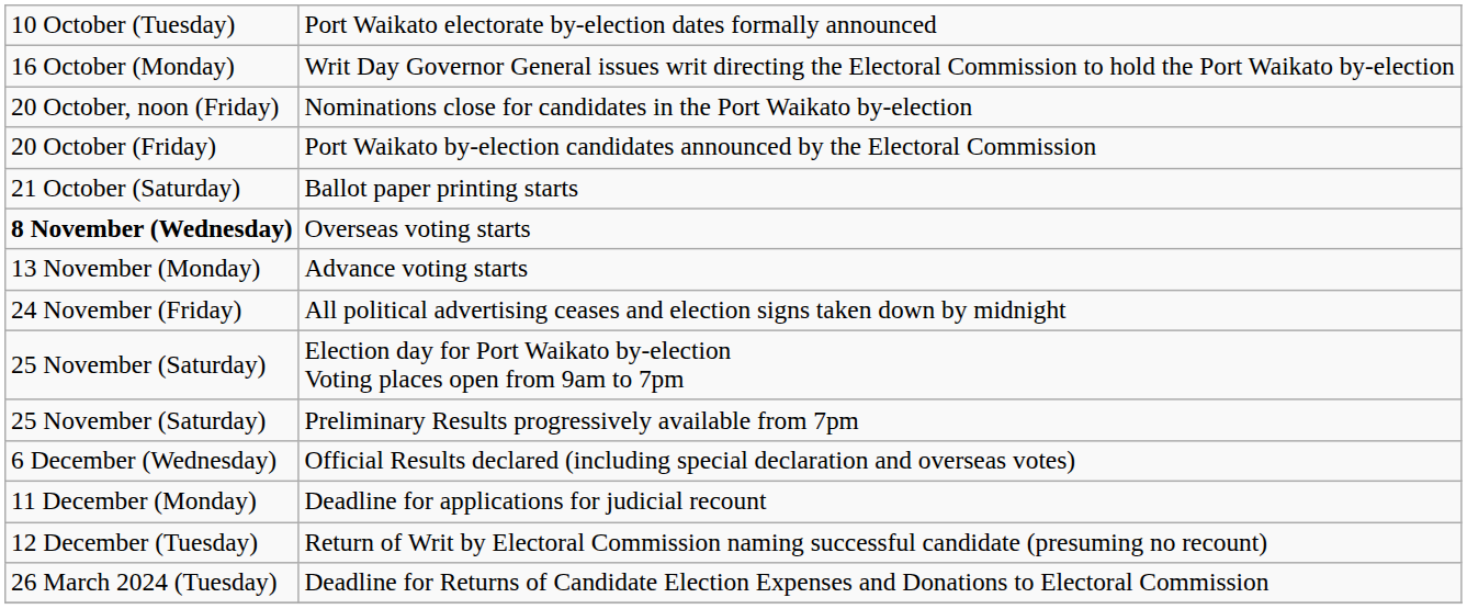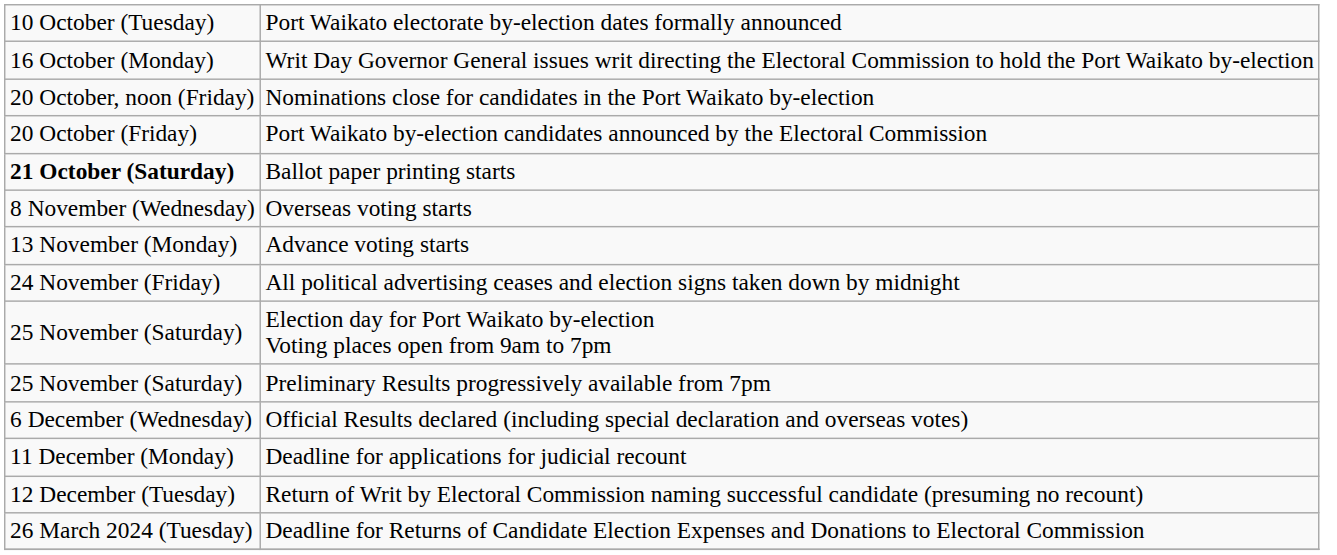 <table class="wikitable">
 <tr>
 <td>10 October (Tuesday)</td>
 <td>Port Waikato electorate by-election dates formally announced</td>
 </tr>
 <tr>
 <td>16 October (Monday)</td>
 <td>Writ Day Governor General issues writ directing the Electoral Commission to hold the Port Waikato by-election</td>
 </tr>
 <tr>
 <td>20 October, noon (Friday)</td>
 <td>Nominations close for candidates in the Port Waikato by-election</td>
 </tr>
 <tr>
 <td>20 October (Friday)</td>
 <td>Port Waikato by-election candidates announced by the Electoral Commission</td>
 </tr>
 <tr>
-<td>21 October (Saturday)</td>
+<td><strong>21 October (Saturday)</strong></td>
 <td>Ballot paper printing starts</td>
 </tr>
 <tr>
-<td><strong>8 November (Wednesday)</strong></td>
+<td>8 November (Wednesday)</td>
 <td>Overseas voting starts</td>
 </tr>
 <tr>
 <td>13 November (Monday)</td>
 <td>Advance voting starts</td>
 </tr>
 <tr>
 <td>24 November (Friday)</td>
 <td>All political advertising ceases and election signs taken down by midnight</td>
 </tr>
 <tr>
 <td>25 November (Saturday)</td>
 <td>Election day for Port Waikato by-election<br>Voting places open from 9am to 7pm</td>
 </tr>
 <tr>
 <td>25 November (Saturday)</td>
 <td>Preliminary Results progressively available from 7pm</td>
 </tr>
 <tr>
 <td>6 December (Wednesday)</td>
 <td>Official Results declared (including special declaration and overseas votes)</td>
 </tr>
 <tr>
 <td>11 December (Monday)</td>
 <td>Deadline for applications for judicial recount</td>
 </tr>
 <tr>
 <td>12 December (Tuesday)</td>
 <td>Return of Writ by Electoral Commission naming successful candidate (presuming no recount)</td>
 </tr>
 <tr>
 <td>26 March 2024 (Tuesday)</td>
 <td>Deadline for Returns of Candidate Election Expenses and Donations to Electoral Commission</td>
 </tr>
 <tr>
 </tr>
 </table>
